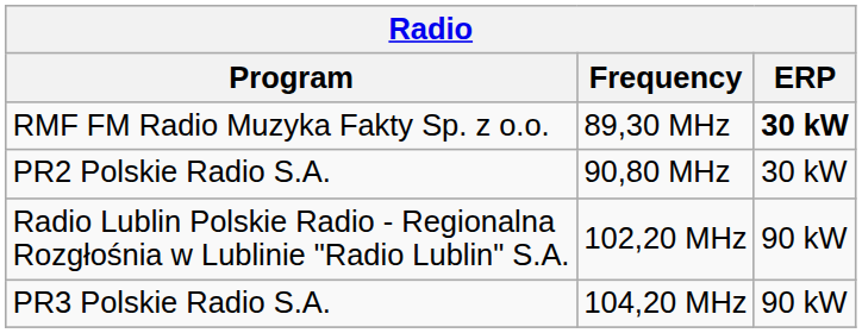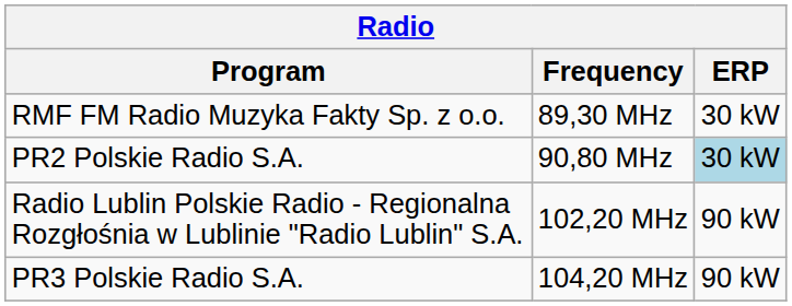 <table class="wikitable" style="width: 450px;">
 <tr>
 <th colspan="4" align="center"><a href='#'>Radio</a></th>
 </tr>
 <tr>
 <th>Program</th>
 <th>Frequency</th>
 <th>ERP</th>
 </tr>
 <tr>
 <td>RMF FM Radio Muzyka Fakty Sp. z o.o.</td>
 <td>89,30 MHz</td>
-<td><strong>30 kW</strong></td>
+<td>30 kW</td>
 </tr>
 <tr>
 <td>PR2 Polskie Radio S.A.</td>
 <td>90,80 MHz</td>
-<td>30 kW</td>
+<td style="background: lightblue;">30 kW</td>
 </tr>
 <tr>
 <td>Radio Lublin Polskie Radio - Regionalna Rozgłośnia w Lublinie "Radio Lublin" S.A.</td>
 <td>102,20 MHz</td>
 <td>90 kW</td>
 </tr>
 <tr>
 <td>PR3 Polskie Radio S.A.</td>
 <td>104,20 MHz</td>
 <td>90 kW</td>
 </tr>
 </table>
